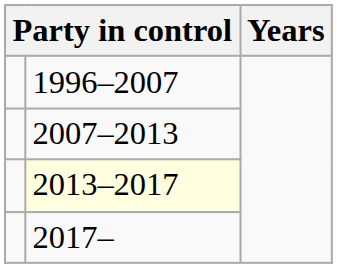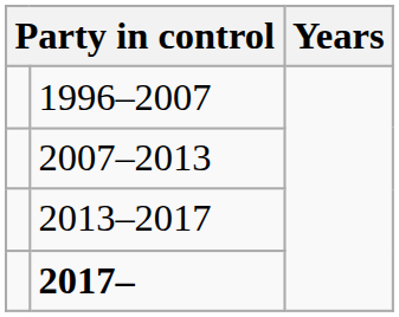 <table class="wikitable">
 <tr>
 <th colspan="2">Party in control</th>
 <th>Years</th>
 </tr>
 <tr>
 <td></td>
 <td>1996–2007</td>
 </tr>
 <tr>
 <td></td>
 <td>2007–2013</td>
 </tr>
 <tr>
 <td></td>
-<td style="background: lightyellow;">2013–2017</td>
+<td>2013–2017</td>
 </tr>
 <tr>
 <td></td>
-<td>2017–</td>
+<td><strong>2017–</strong></td>
 </tr>
 </table>
